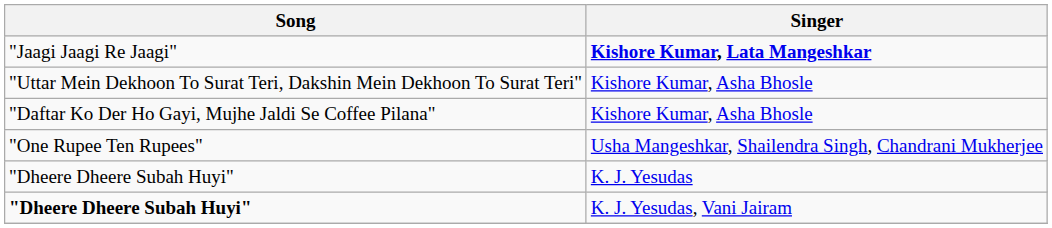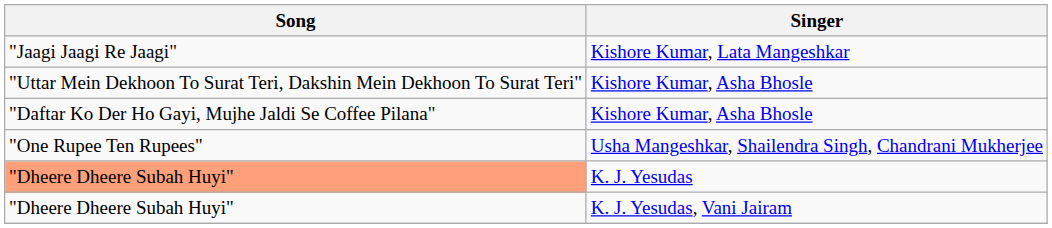 <table class="wikitable" style="font-size:95%;">
 <tr>
 <th>Song</th>
 <th>Singer</th>
 </tr>
 <tr>
 <td>"Jaagi Jaagi Re Jaagi"</td>
-<td><strong><a href='#'>Kishore Kumar</a>, <a href='#'>Lata Mangeshkar</a></strong></td>
+<td><a href='#'>Kishore Kumar</a>, <a href='#'>Lata Mangeshkar</a></td>
 </tr>
 <tr>
 <td>"Uttar Mein Dekhoon To Surat Teri, Dakshin Mein Dekhoon To Surat Teri"</td>
 <td><a href='#'>Kishore Kumar</a>, <a href='#'>Asha Bhosle</a></td>
 </tr>
 <tr>
 <td>"Daftar Ko Der Ho Gayi, Mujhe Jaldi Se Coffee Pilana"</td>
 <td><a href='#'>Kishore Kumar</a>, <a href='#'>Asha Bhosle</a></td>
 </tr>
 <tr>
 <td>"One Rupee Ten Rupees"</td>
 <td><a href='#'>Usha Mangeshkar</a>, <a href='#'>Shailendra Singh</a>, <a href='#'>Chandrani Mukherjee</a></td>
 </tr>
 <tr>
-<td>"Dheere Dheere Subah Huyi"</td>
+<td style="background: lightsalmon;">"Dheere Dheere Subah Huyi"</td>
 <td><a href='#'>K. J. Yesudas</a></td>
 </tr>
 <tr>
-<td><strong>"Dheere Dheere Subah Huyi"</strong></td>
+<td>"Dheere Dheere Subah Huyi"</td>
 <td><a href='#'>K. J. Yesudas</a>, <a href='#'>Vani Jairam</a></td>
 </tr>
 <tr>
 </tr>
 </table>
